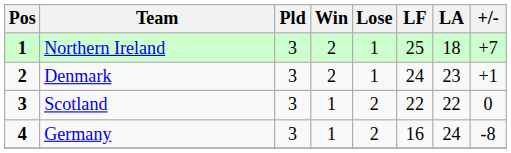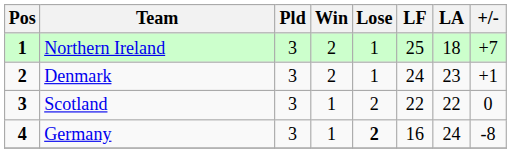 <table class="wikitable" style="font-size: 100%">
 <tr>
 <th width=20>Pos</th>
 <th width=200>Team</th>
 <th width=25>Pld</th>
 <th width=25>Win</th>
 <th width=25>Lose</th>
 <th width=25>LF</th>
 <th width=25>LA</th>
 <th width=25>+/-</th>
 </tr>
 <tr align=center style="background: #ccffcc;">
 <td><strong>1</strong></td>
 <td align="left"> <a href='#'>Northern Ireland</a></td>
 <td>3</td>
 <td>2</td>
 <td>1</td>
 <td>25</td>
 <td>18</td>
 <td>+7</td>
 </tr>
 <tr align=center>
 <td><strong>2</strong></td>
 <td align="left"> <a href='#'>Denmark</a></td>
 <td>3</td>
 <td>2</td>
 <td>1</td>
 <td>24</td>
 <td>23</td>
 <td>+1</td>
 </tr>
 <tr align=center>
 <td><strong>3</strong></td>
 <td align="left"> <a href='#'>Scotland</a></td>
 <td>3</td>
 <td>1</td>
 <td>2</td>
 <td>22</td>
 <td>22</td>
 <td>0</td>
 </tr>
 <tr align=center>
 <td><strong>4</strong></td>
 <td align="left"> <a href='#'>Germany</a></td>
 <td>3</td>
 <td>1</td>
-<td>2</td>
+<td><strong>2</strong></td>
 <td>16</td>
 <td>24</td>
 <td>-8</td>
 </tr>
 <tr align=center>
 </tr>
 </table>
